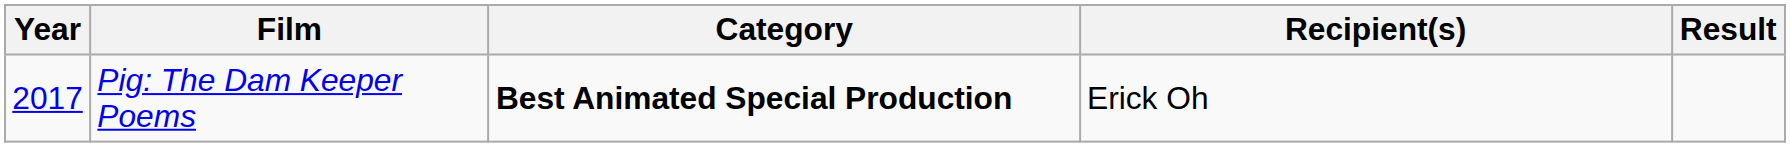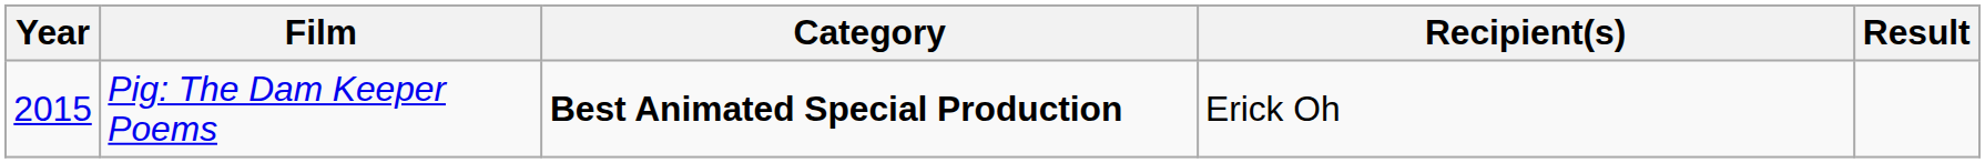 <table class="wikitable sortable" style="max-width: 900px;">
 <tr>
 <th width=30px>Year</th>
 <th width=200px>Film</th>
 <th width=300px>Category</th>
 <th width=300px>Recipient(s)</th>
 <th width=50px>Result</th>
 </tr>
 <tr>
-<td><a href='#'>2017</a></td>
+<td><a href='#'>2015</a></td>
 <td><em><a href='#'>Pig: The Dam Keeper Poems</a></em></td>
 <td><strong>Best Animated Special Production</strong></td>
 <td rowspan="2">Erick Oh</td>
 <td></td>
 </tr>
 </table>
